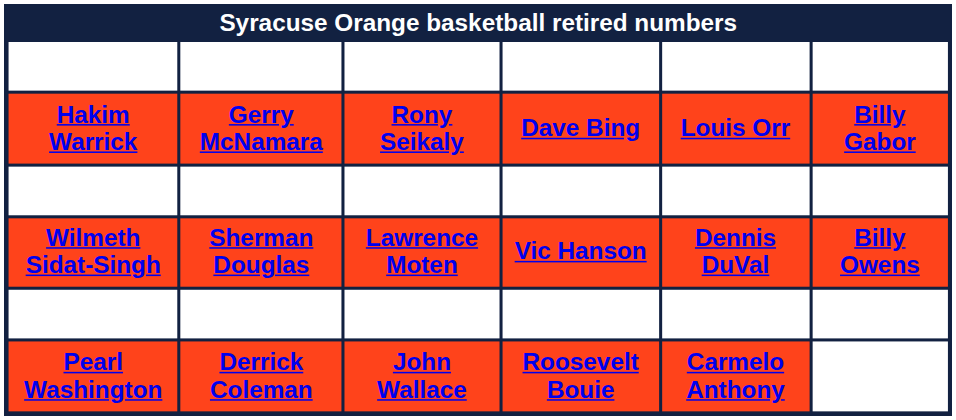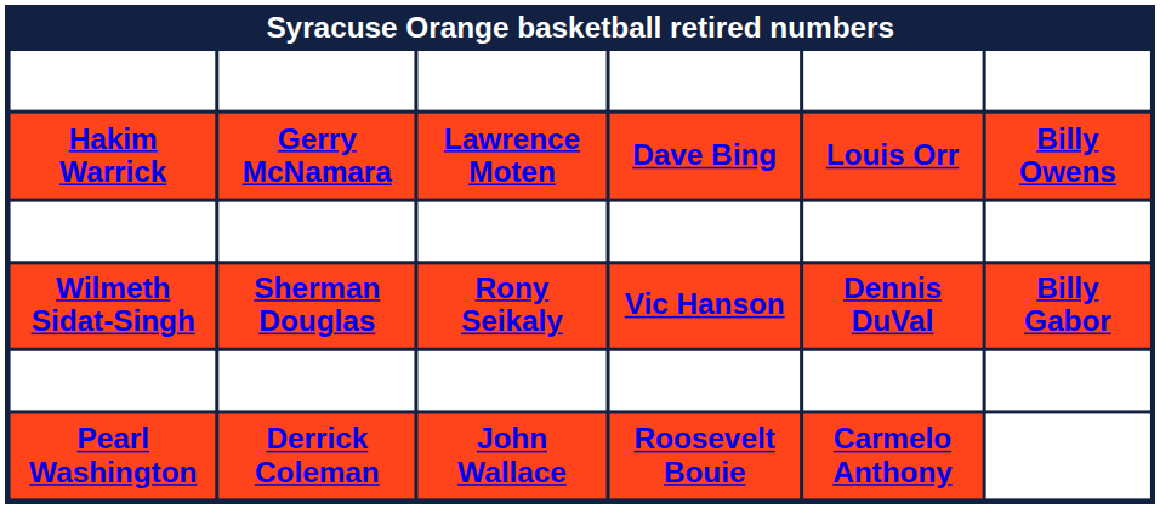 <table class="toccolours" style="background: #122141; border: #122141 solid 1px; color: white; text-align: center;">
 <tr style="text-align:center;">
 <th colspan="8">Syracuse Orange basketball retired numbers</th>
 </tr>
 <tr>
 <td style="background: #FFFFFF; padding: 1em; width: 94px;"></td>
 <td style="background: #FFFFFF; padding: 1em; width: 94px;"></td>
 <td style="background: #FFFFFF; padding: 1em; width: 94px;"></td>
 <td style="background: #FFFFFF; padding: 1em; width: 94px;"></td>
 <td style="background: #FFFFFF; padding: 1em; width: 94px;"></td>
 <td style="background: #FFFFFF; padding: 1em; width: 94px;"></td>
 </tr>
 <tr>
 <td style="background: #FF431B; padding: 0.3em;"><strong><a href='#'><span>Hakim Warrick</span></a></strong><br></td>
 <td style="background: #FF431B; padding: 0.3em;"><strong><a href='#'><span>Gerry McNamara</span></a></strong><br></td>
-<td style="background: #FF431B; padding: 0.3em;"><strong><a href='#'><span>Rony Seikaly</span></a></strong><br></td>
+<td style="background: #FF431B; padding: 0.3em;"><strong><a href='#'><span>Lawrence Moten</span></a></strong><br></td>
 <td style="background: #FF431B; padding: 0.3em;"><strong><a href='#'><span>Dave Bing</span></a></strong><br></td>
 <td style="background: #FF431B; padding: 0.3em;"><strong><a href='#'><span>Louis Orr</span></a></strong><br></td>
-<td style="background: #FF431B; padding: 0.3em;"><strong><a href='#'><span>Billy Gabor</span></a></strong><br></td>
+<td style="background: #FF431B; padding: 0.3em;"><strong><a href='#'><span>Billy Owens</span></a></strong><br></td>
 </tr>
 <tr>
 <td style="background: #FFFFFF; padding: 1em; width: 94px;"></td>
 <td style="background: #FFFFFF; padding: 1em; width: 94px;"></td>
 <td style="background: #FFFFFF; padding: 1em; width: 94px;"></td>
 <td style="background: #FFFFFF; padding: 1em; width: 94px;"></td>
 <td style="background: #FFFFFF; padding: 1em; width: 94px;"></td>
 <td style="background: #FFFFFF; padding: 1em; width: 94px;"></td>
 </tr>
 <tr>
 <td style="background: #FF431B; padding: 0.3em;"><strong><a href='#'><span>Wilmeth Sidat-Singh</span></a></strong><br></td>
 <td style="background: #FF431B; padding: 0.3em;"><strong><a href='#'><span>Sherman Douglas</span></a></strong><br></td>
-<td style="background: #FF431B; padding: 0.3em;"><strong><a href='#'><span>Lawrence Moten</span></a></strong><br></td>
+<td style="background: #FF431B; padding: 0.3em;"><strong><a href='#'><span>Rony Seikaly</span></a></strong><br></td>
 <td style="background: #FF431B; padding: 0.3em;"><strong><a href='#'><span>Vic Hanson</span></a></strong><br></td>
 <td style="background: #FF431B; padding: 0.3em;"><strong><a href='#'><span>Dennis DuVal</span></a></strong><br></td>
-<td style="background: #FF431B; padding: 0.3em;"><strong><a href='#'><span>Billy Owens</span></a></strong><br></td>
+<td style="background: #FF431B; padding: 0.3em;"><strong><a href='#'><span>Billy Gabor</span></a></strong><br></td>
 </tr>
 <tr>
 <td style="background: #FFFFFF; padding: 1em; width: 94px;"></td>
 <td style="background: #FFFFFF; padding: 1em; width: 94px;"></td>
 <td style="background: #FFFFFF; padding: 1em; width: 94px;"></td>
 <td style="background: #FFFFFF; padding: 1em; width: 94px;"></td>
 <td style="background: #FFFFFF; padding: 1em; width: 94px;"></td>
 <td style="background: #FFFFFF; padding: 1em; width: 94px;"></td>
 </tr>
 <tr>
 <td style="background: #FF431B; padding: 0.3em;"><strong><a href='#'><span>Pearl Washington</span></a></strong><br></td>
 <td style="background: #FF431B; padding: 0.3em;"><strong><a href='#'><span>Derrick Coleman</span></a></strong><br></td>
 <td style="background: #FF431B; padding: 0.3em;"><strong><a href='#'><span>John Wallace</span></a></strong><br></td>
 <td style="background: #FF431B; padding: 0.3em;"><strong><a href='#'><span>Roosevelt Bouie</span></a></strong><br></td>
 <td style="background: #FF431B; padding: 0.3em;"><strong><a href='#'><span>Carmelo Anthony</span></a></strong><br></td>
 <td style="background: #FFFFFF; padding: 0.3em;"></td>
 </tr>
 </table>
